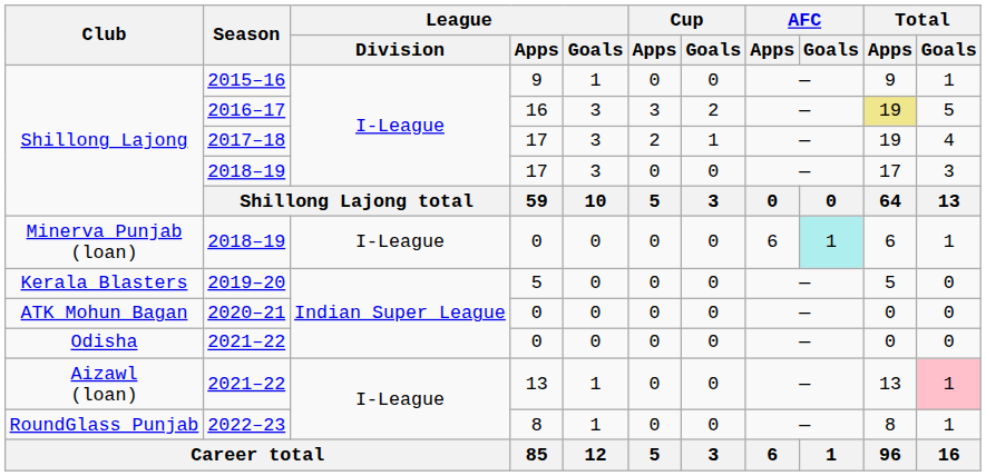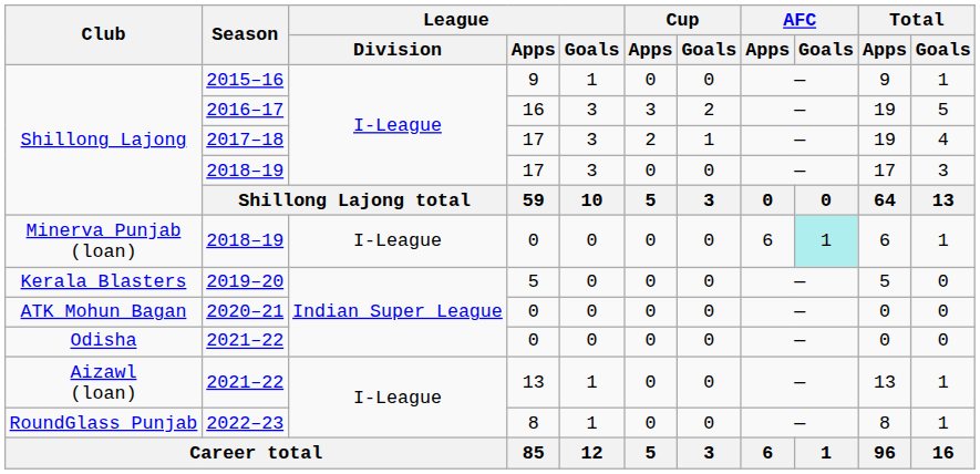 <table class="wikitable" style="text-align: center;">
 <tr>
 <th rowspan="2">Club</th>
 <th rowspan="2">Season</th>
 <th colspan="3">League</th>
 <th colspan="2">Cup</th>
 <th colspan="2"><a href='#'>AFC</a></th>
 <th colspan="2">Total</th>
 </tr>
 <tr>
 <th>Division</th>
 <th>Apps</th>
 <th>Goals</th>
 <th>Apps</th>
 <th>Goals</th>
 <th>Apps</th>
 <th>Goals</th>
 <th>Apps</th>
 <th>Goals</th>
 </tr>
 <tr>
 <td rowspan="5"><a href='#'>Shillong Lajong</a></td>
 <td><a href='#'>2015–16</a></td>
 <td rowspan="4"><a href='#'>I-League</a></td>
 <td>9</td>
 <td>1</td>
 <td>0</td>
 <td>0</td>
 <td colspan="2">—</td>
 <td>9</td>
 <td>1</td>
 </tr>
 <tr>
 <td><a href='#'>2016–17</a></td>
 <td>16</td>
 <td>3</td>
 <td>3</td>
 <td>2</td>
 <td colspan="2">—</td>
-<td style="background: khaki;">19</td>
+<td>19</td>
 <td>5</td>
 </tr>
 <tr>
 <td><a href='#'>2017–18</a></td>
 <td>17</td>
 <td>3</td>
 <td>2</td>
 <td>1</td>
 <td colspan="2">—</td>
 <td>19</td>
 <td>4</td>
 </tr>
 <tr>
 <td><a href='#'>2018–19</a></td>
 <td>17</td>
 <td>3</td>
 <td>0</td>
 <td>0</td>
 <td colspan="2">—</td>
 <td>17</td>
 <td>3</td>
 </tr>
 <tr>
 <th colspan="2">Shillong Lajong total</th>
 <th>59</th>
 <th>10</th>
 <th>5</th>
 <th>3</th>
 <th>0</th>
 <th>0</th>
 <th>64</th>
 <th>13</th>
 </tr>
 <tr>
 <td rowspan="1"><a href='#'>Minerva Punjab</a> <br>(loan)</td>
 <td><a href='#'>2018–19</a></td>
 <td rowspan="1">I-League</td>
 <td>0</td>
 <td>0</td>
 <td>0</td>
 <td>0</td>
 <td>6</td>
 <td style="background: paleturquoise;">1</td>
 <td>6</td>
 <td>1</td>
 </tr>
 <tr>
 <td rowspan="1"><a href='#'>Kerala Blasters</a></td>
 <td><a href='#'>2019–20</a></td>
 <td rowspan="3"><a href='#'>Indian Super League</a></td>
 <td>5</td>
 <td>0</td>
 <td>0</td>
 <td>0</td>
 <td colspan="2">—</td>
 <td>5</td>
 <td>0</td>
 </tr>
 <tr>
 <td rowspan="1"><a href='#'>ATK Mohun Bagan</a></td>
 <td><a href='#'>2020–21</a></td>
 <td>0</td>
 <td>0</td>
 <td>0</td>
 <td>0</td>
 <td colspan="2">—</td>
 <td>0</td>
 <td>0</td>
 </tr>
 <tr>
 <td rowspan="1"><a href='#'>Odisha</a></td>
 <td><a href='#'>2021–22</a></td>
 <td>0</td>
 <td>0</td>
 <td>0</td>
 <td>0</td>
 <td colspan="2">—</td>
 <td>0</td>
 <td>0</td>
 </tr>
 <tr>
 <td rowspan="1"><a href='#'>Aizawl</a> <br>(loan)</td>
 <td><a href='#'>2021–22</a></td>
 <td rowspan="2">I-League</td>
 <td>13</td>
 <td>1</td>
 <td>0</td>
 <td>0</td>
 <td colspan="2">—</td>
 <td>13</td>
-<td style="background: pink;">1</td>
+<td>1</td>
 </tr>
 <tr>
 <td rowspan="1"><a href='#'>RoundGlass Punjab</a></td>
 <td><a href='#'>2022–23</a></td>
 <td>8</td>
 <td>1</td>
 <td>0</td>
 <td>0</td>
 <td colspan="2">—</td>
 <td>8</td>
 <td>1</td>
 </tr>
 <tr>
 <th colspan="3">Career total</th>
 <th>85</th>
 <th>12</th>
 <th>5</th>
 <th>3</th>
 <th>6</th>
 <th>1</th>
 <th>96</th>
 <th>16</th>
 </tr>
 </table>
